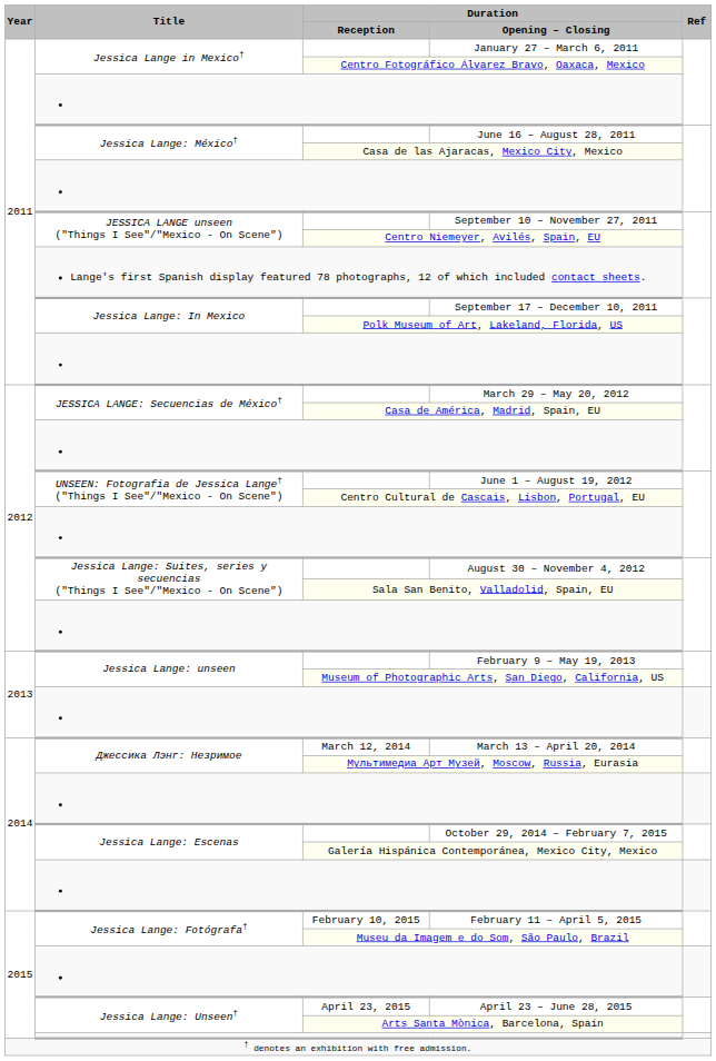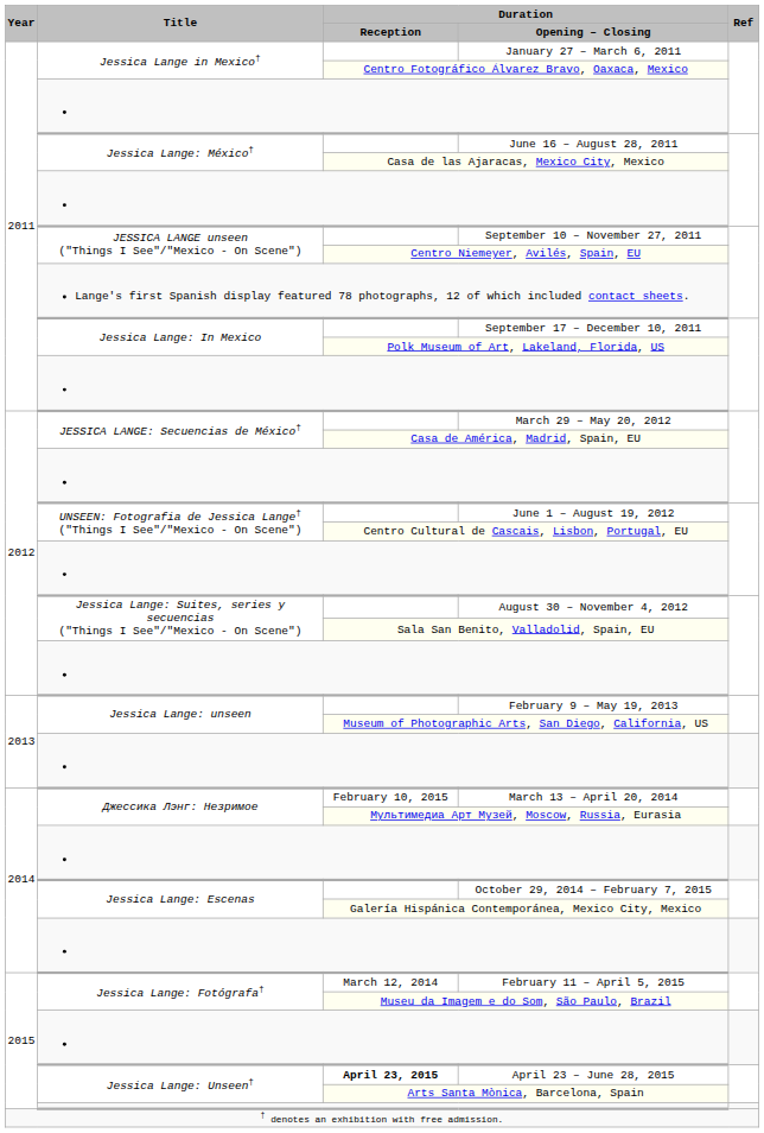 <table class="wikitable">
 <tr>
 <th rowspan=2 style=background-color:#C0C0C0 width=4%>Year</th>
 <th rowspan=2 style=background-color:#C0C0C0 width=38%>Title</th>
 <th colspan=2 style=background-color:#C0C0C0 width=54%>Duration</th>
 <th rowspan=2 style=background-color:#C0C0C0 width=4%>Ref</th>
 </tr>
 <tr>
 <th style=background-color:#C0C0C0 width=18%>Reception</th>
 <th style=background-color:#C0C0C0 width=36%>Opening – Closing</th>
 </tr>
 <tr>
 <td rowspan=12 align=center style=background:white>2011</td>
 <td rowspan=2 align=center style=background:white><em>Jessica Lange in Mexico</em><sup>†</sup></td>
 <td align=center style=background:white></td>
 <td align=center style=background:white>January 27 – March 6, 2011</td>
 <td rowspan=3 align=center style=background:white width=4%><br></td>
 </tr>
 <tr>
 <td colspan=2 align=center style=background-color:#FFFFF0><a href='#'>Centro Fotográfico Álvarez Bravo</a>, <a href='#'>Oaxaca</a>, <a href='#'>Mexico</a></td>
 </tr>
 <tr>
 <td colspan=3 style=border-bottom-width:3px padding:5px width=92%><br><ul><li></li></ul></td>
 </tr>
 <tr>
 <td rowspan=2 align=center style=background:white><em>Jessica Lange: México</em><sup>†</sup></td>
 <td align=center style=background:white></td>
 <td align=center style=background:white>June 16 – August 28, 2011</td>
 <td rowspan=3 align=center style=background:white width=4%></td>
 </tr>
 <tr>
 <td colspan=2 align=center style=background-color:#FFFFF0>Casa de las Ajaracas, <a href='#'>Mexico City</a>, Mexico</td>
 </tr>
 <tr>
 <td colspan=3 style=border-bottom-width:3px padding:5px width=92%><br><ul><li></li></ul></td>
 </tr>
 <tr>
 <td rowspan=2 align=center style=background:white><em>JESSICA LANGE unseen</em> <br>("Things I See"/"Mexico - On Scene")</td>
 <td align=center style=background:white></td>
 <td align=center style=background:white>September 10 – November 27, 2011</td>
 <td rowspan=3 align=center style=background:white width=4%><br></td>
 </tr>
 <tr>
 <td colspan=2 align=center style=background-color:#FFFFF0><a href='#'>Centro Niemeyer</a>, <a href='#'>Avilés</a>, <a href='#'>Spain</a>, <a href='#'>EU</a></td>
 </tr>
 <tr>
 <td colspan=3 style=border-bottom-width:3px padding:5px width=92%><br><ul><li>Lange's first Spanish display featured 78 photographs, 12 of which included <a href='#'>contact sheets</a>.</li></ul></td>
 </tr>
 <tr>
 <td rowspan=2 align=center style=background:white><em>Jessica Lange: In Mexico</em></td>
 <td align=center style=background:white></td>
 <td align=center style=background:white>September 17 – December 10, 2011</td>
 <td rowspan=3 align=center style=background:white width=4%></td>
 </tr>
 <tr>
 <td colspan=2 align=center style=background-color:#FFFFF0><a href='#'>Polk Museum of Art</a>, <a href='#'>Lakeland, Florida</a>, <a href='#'>US</a></td>
 </tr>
 <tr>
 <td colspan=3 style=border-bottom-width:3px padding:5px width=92%><br><ul><li></li></ul></td>
 </tr>
 <tr>
 <td rowspan=9 align=center style=background:white>2012</td>
 <td rowspan=2 align=center style=background:white><em>JESSICA LANGE: Secuencias de México</em><sup>†</sup></td>
 <td align=center style=background:white></td>
 <td align=center style=background:white>March 29 – May 20, 2012</td>
 <td rowspan=3 align=center style=background:white width=4%><br></td>
 </tr>
 <tr>
 <td colspan=2 align=center style=background-color:#FFFFF0><a href='#'>Casa de América</a>, <a href='#'>Madrid</a>, Spain, EU</td>
 </tr>
 <tr>
 <td colspan=3 style=border-bottom-width:3px padding:5px width=92%><br><ul><li></li></ul></td>
 </tr>
 <tr>
 <td rowspan=2 align=center style=background:white><em>UNSEEN: Fotografia de Jessica Lange</em><sup>†</sup> <br>("Things I See"/"Mexico - On Scene")</td>
 <td align=center style=background:white></td>
 <td align=center style=background:white>June 1 – August 19, 2012</td>
 <td rowspan=3 align=center style=background:white width=4%><br><br></td>
 </tr>
 <tr>
 <td colspan=2 align=center style=background-color:#FFFFF0>Centro Cultural de <a href='#'>Cascais</a>, <a href='#'>Lisbon</a>, <a href='#'>Portugal</a>, EU</td>
 </tr>
 <tr>
 <td colspan=3 style=border-bottom-width:3px padding:5px width=92%><br><ul><li></li></ul></td>
 </tr>
 <tr>
 <td rowspan=2 align=center style=background:white><em>Jessica Lange: Suites, series y secuencias</em> <br>("Things I See"/"Mexico - On Scene")</td>
 <td align=center style=background:white></td>
 <td align=center style=background:white>August 30 – November 4, 2012</td>
 <td rowspan=3 align=center style=background:white width=4%><br></td>
 </tr>
 <tr>
 <td colspan=2 align=center style=background-color:#FFFFF0>Sala San Benito, <a href='#'>Valladolid</a>, Spain, EU</td>
 </tr>
 <tr>
 <td colspan=3 style=border-bottom-width:3px padding:5px width=92%><br><ul><li></li></ul></td>
 </tr>
 <tr>
 <td rowspan=3 align=center style=background:white>2013</td>
 <td rowspan=2 align=center style=background:white><em>Jessica Lange: unseen</em></td>
 <td align=center style=background:white></td>
 <td align=center style=background:white>February 9 – May 19, 2013</td>
 <td rowspan=2 align=center style=background:white width=4%></td>
 </tr>
 <tr>
 <td colspan=2 align=center style=background-color:#FFFFF0><a href='#'>Museum of Photographic Arts</a>, <a href='#'>San Diego</a>, <a href='#'>California</a>, US</td>
 </tr>
 <tr>
 <td colspan=3 style=border-bottom-width:3px padding:5px width=92%><br><ul><li></li></ul></td>
 </tr>
 <tr>
 <td rowspan=6 align=center style=background:white>2014</td>
 <td rowspan=2 align=center style=background:white><em>Джессика Лэнг: Незримое</em></td>
-<td align=center style=background:white>March 12, 2014</td>
+<td align=center style=background:white>February 10, 2015</td>
 <td align=center style=background:white>March 13 – April 20, 2014</td>
 <td rowspan=2 align=center style=background:white width=4%></td>
 </tr>
 <tr>
 <td colspan=2 align=center style=background-color:#FFFFF0><a href='#'>Мультимедиа Арт Музей</a>, <a href='#'>Moscow</a>, <a href='#'>Russia</a>, Eurasia</td>
 </tr>
 <tr>
 <td colspan=3 style=border-bottom-width:3px padding:5px width=92%><br><ul><li></li></ul></td>
 </tr>
 <tr>
 <td rowspan=2 align=center style=background:white><em>Jessica Lange: Escenas</em></td>
 <td align=center style=background:white></td>
 <td align=center style=background:white>October 29, 2014 – February 7, 2015</td>
 <td rowspan=2 align=center style=background:white width=4%></td>
 </tr>
 <tr>
 <td colspan=2 align=center style=background-color:#FFFFF0>Galería Hispánica Contemporánea, Mexico City, Mexico</td>
 </tr>
 <tr>
 <td colspan=3 style=border-bottom-width:3px padding:5px width=92%><br><ul><li></li></ul></td>
 </tr>
 <tr>
 <td rowspan=6 align=center style=background:white>2015</td>
 <td rowspan=2 align=center style=background:white><em>Jessica Lange: Fotógrafa</em><sup>†</sup></td>
-<td align=center style=background:white>February 10, 2015</td>
+<td align=center style=background:white>March 12, 2014</td>
 <td align=center style=background:white>February 11 – April 5, 2015</td>
 <td rowspan=2 align=center style=background:white width=4%></td>
 </tr>
 <tr>
 <td colspan=2 align=center style=background-color:#FFFFF0><a href='#'>Museu da Imagem e do Som</a>, <a href='#'>São Paulo</a>, <a href='#'>Brazil</a></td>
 </tr>
 <tr>
 <td colspan=3 style=border-bottom-width:3px padding:5px width=92%><br><ul><li></li></ul></td>
 </tr>
 <tr>
 <td rowspan=2 align=center style=background:white><em>Jessica Lange: Unseen</em><sup>†</sup></td>
-<td align=center style=background:white>April 23, 2015</td>
+<td align=center style=background:white><strong>April 23, 2015</strong></td>
 <td align=center style=background:white>April 23 – June 28, 2015</td>
 <td rowspan=2 align=center style=background:white width=4%></td>
 </tr>
 <tr>
 <td colspan=2 align=center style=background-color:#FFFFF0><a href='#'>Arts Santa Mònica</a>, Barcelona, Spain</td>
 </tr>
 <tr>
 <td colspan=3 style=border-bottom-width:3px padding:5px width=92%></td>
 </tr>
 <tr>
 <td colspan=5 style=font-size:8pt align=center width=100%><sup>†</sup> denotes an exhibition with free admission.</td>
 </tr>
 </table>
